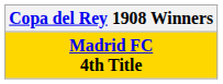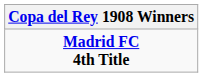 <table class="wikitable" style="text-align: center; margin: 0 auto;">
 <tr>
 <th><a href='#'>Copa del Rey</a> 1908 Winners</th>
 </tr>
 <tr>
-<td style="background: gold;"><strong><a href='#'>Madrid FC</a></strong><br><strong>4th Title</strong></td>
+<td><strong><a href='#'>Madrid FC</a></strong><br><strong>4th Title</strong></td>
 </tr>
 </table>
